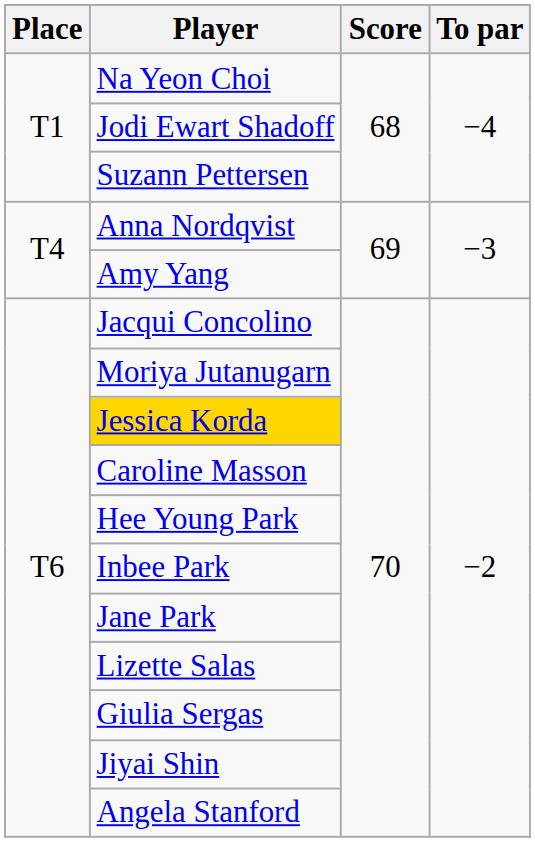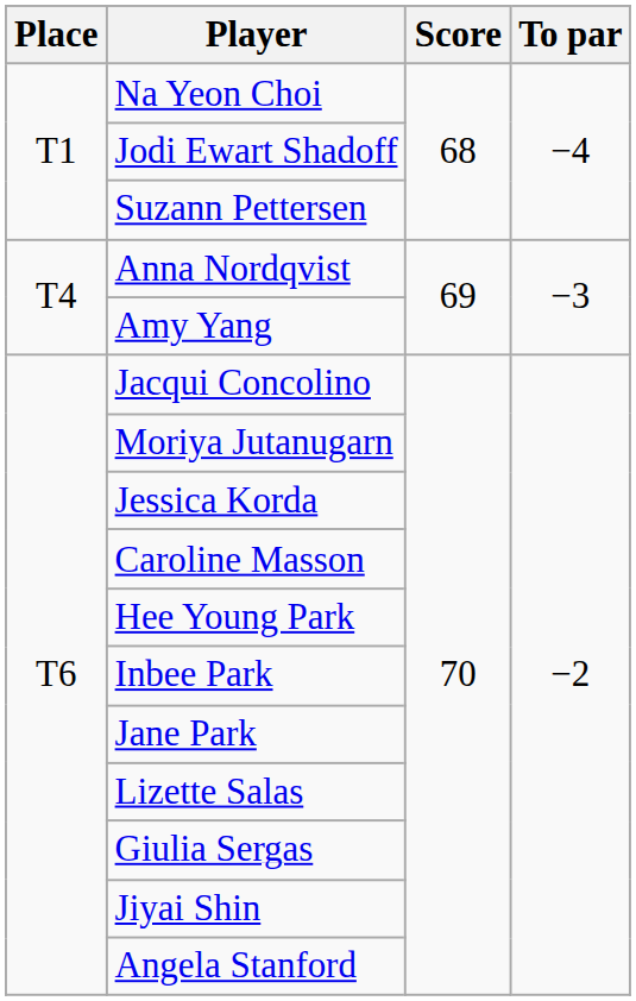 <table class="wikitable">
 <tr>
 <th>Place</th>
 <th>Player</th>
 <th>Score</th>
 <th>To par</th>
 </tr>
 <tr>
 <td align=center rowspan=3>T1</td>
 <td> <a href='#'>Na Yeon Choi</a></td>
 <td align=center rowspan=3>68</td>
 <td align=center rowspan=3>−4</td>
 </tr>
 <tr>
 <td> <a href='#'>Jodi Ewart Shadoff</a></td>
 </tr>
 <tr>
 <td> <a href='#'>Suzann Pettersen</a></td>
 </tr>
 <tr>
 <td align=center rowspan=2>T4</td>
 <td> <a href='#'>Anna Nordqvist</a></td>
 <td align=center rowspan=2>69</td>
 <td align=center rowspan=2>−3</td>
 </tr>
 <tr>
 <td> <a href='#'>Amy Yang</a></td>
 </tr>
 <tr>
 <td align=center rowspan=11>T6</td>
 <td> <a href='#'>Jacqui Concolino</a></td>
 <td align=center rowspan=11>70</td>
 <td align=center rowspan=11>−2</td>
 </tr>
 <tr>
 <td> <a href='#'>Moriya Jutanugarn</a></td>
 </tr>
 <tr>
-<td style="background: gold;"> <a href='#'>Jessica Korda</a></td>
+<td> <a href='#'>Jessica Korda</a></td>
 </tr>
 <tr>
 <td> <a href='#'>Caroline Masson</a></td>
 </tr>
 <tr>
 <td> <a href='#'>Hee Young Park</a></td>
 </tr>
 <tr>
 <td> <a href='#'>Inbee Park</a></td>
 </tr>
 <tr>
 <td> <a href='#'>Jane Park</a></td>
 </tr>
 <tr>
 <td> <a href='#'>Lizette Salas</a></td>
 </tr>
 <tr>
 <td> <a href='#'>Giulia Sergas</a></td>
 </tr>
 <tr>
 <td> <a href='#'>Jiyai Shin</a></td>
 </tr>
 <tr>
 <td> <a href='#'>Angela Stanford</a></td>
 </tr>
 </table>
